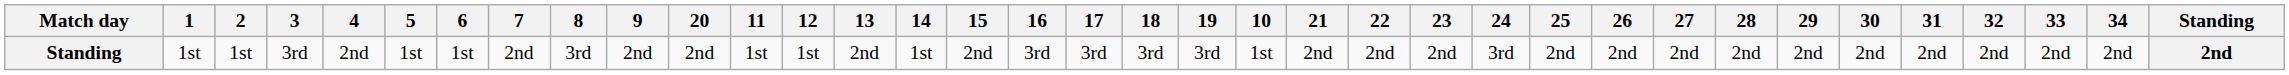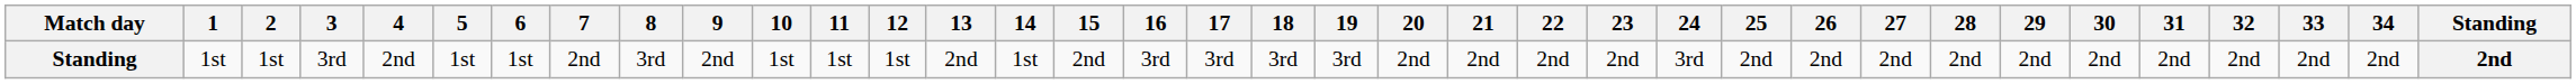 <table class="wikitable" style="width:100%; font-size:85%;">
 <tr valign=top>
 <th align=center>Match day</th>
 <th align=center>1</th>
 <th align=center>2</th>
 <th align=center>3</th>
 <th align=center>4</th>
 <th align=center>5</th>
 <th align=center>6</th>
 <th align=center>7</th>
 <th align=center>8</th>
 <th align=center>9</th>
-<th align=center>20</th>
+<th align=center>10</th>
 <th align=center>11</th>
 <th align=center>12</th>
 <th align=center>13</th>
 <th align=center>14</th>
 <th align=center>15</th>
 <th align=center>16</th>
 <th align=center>17</th>
 <th align=center>18</th>
 <th align=center>19</th>
-<th align=center>10</th>
+<th align=center>20</th>
 <th align=center>21</th>
 <th align=center>22</th>
 <th align=center>23</th>
 <th align=center>24</th>
 <th align=center>25</th>
 <th align=center>26</th>
 <th align=center>27</th>
 <th align=center>28</th>
 <th align=center>29</th>
 <th align=center>30</th>
 <th align=center>31</th>
 <th align=center>32</th>
 <th align=center>33</th>
 <th align=center>34</th>
 <th align=center><strong>Standing</strong></th>
 </tr>
 <tr>
 <th align=center>Standing</th>
 <td align=center>1st</td>
 <td align=center>1st</td>
 <td align=center>3rd</td>
 <td align=center>2nd</td>
 <td align=center>1st</td>
 <td align=center>1st</td>
 <td align=center>2nd</td>
 <td align=center>3rd</td>
 <td align=center>2nd</td>
-<td align=center>2nd</td>
+<td align=center>1st</td>
 <td align=center>1st</td>
 <td align=center>1st</td>
 <td align=center>2nd</td>
 <td align=center>1st</td>
 <td align=center>2nd</td>
 <td align=center>3rd</td>
 <td align=center>3rd</td>
 <td align=center>3rd</td>
 <td align=center>3rd</td>
-<td align=center>1st</td>
+<td align=center>2nd</td>
 <td align=center>2nd</td>
 <td align=center>2nd</td>
 <td align=center>2nd</td>
 <td align=center>3rd</td>
 <td align=center>2nd</td>
 <td align=center>2nd</td>
 <td align=center>2nd</td>
 <td align=center>2nd</td>
 <td align=center>2nd</td>
 <td align=center>2nd</td>
 <td align=center>2nd</td>
 <td align=center>2nd</td>
 <td align=center>2nd</td>
 <td align=center>2nd</td>
 <th align=center><strong>2nd</strong></th>
 </tr>
 </table>
